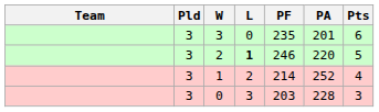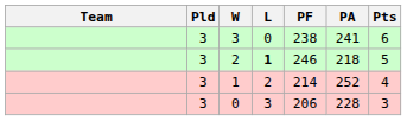 <table class="wikitable" style="text-align:center;">
 <tr>
 <th width=170>Team</th>
 <th width=25>Pld</th>
 <th width=25>W</th>
 <th width=25>L</th>
 <th width=35>PF</th>
 <th width=35>PA</th>
 <th width=25>Pts</th>
 </tr>
 <tr bgcolor=#ccffcc>
 <td align="left"></td>
 <td>3</td>
 <td>3</td>
 <td>0</td>
-<td>235</td>
-<td>201</td>
+<td>238</td>
+<td>241</td>
 <td>6</td>
 </tr>
 <tr bgcolor=#ccffcc>
 <td align="left"></td>
 <td>3</td>
 <td>2</td>
 <td><strong>1</strong></td>
 <td>246</td>
-<td>220</td>
+<td>218</td>
 <td>5</td>
 </tr>
 <tr bgcolor=#ffcccc>
 <td align="left"></td>
 <td>3</td>
 <td>1</td>
 <td>2</td>
 <td>214</td>
 <td>252</td>
 <td>4</td>
 </tr>
 <tr bgcolor=#ffcccc>
 <td align="left"></td>
 <td>3</td>
 <td>0</td>
 <td>3</td>
-<td>203</td>
+<td>206</td>
 <td>228</td>
 <td>3</td>
 </tr>
 </table>
